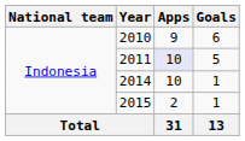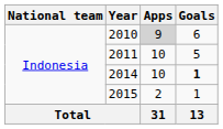 <table class="wikitable" style="text-align:center">
 <tr>
 <th>National team</th>
 <th>Year</th>
 <th>Apps</th>
 <th>Goals</th>
 </tr>
 <tr>
 <td rowspan=4><a href='#'>Indonesia</a></td>
 <td>2010</td>
-<td>9</td>
+<td style="background: lightgrey;">9</td>
 <td>6</td>
 </tr>
 <tr>
 <td>2011</td>
-<td style="background: lavender;">10</td>
+<td>10</td>
 <td>5</td>
 </tr>
 <tr>
 <td>2014</td>
 <td>10</td>
-<td>1</td>
+<td><strong>1</strong></td>
 </tr>
 <tr>
 <td>2015</td>
 <td>2</td>
 <td>1</td>
 </tr>
 <tr>
 <th colspan=2>Total</th>
 <th>31</th>
 <th>13</th>
 </tr>
 </table>
